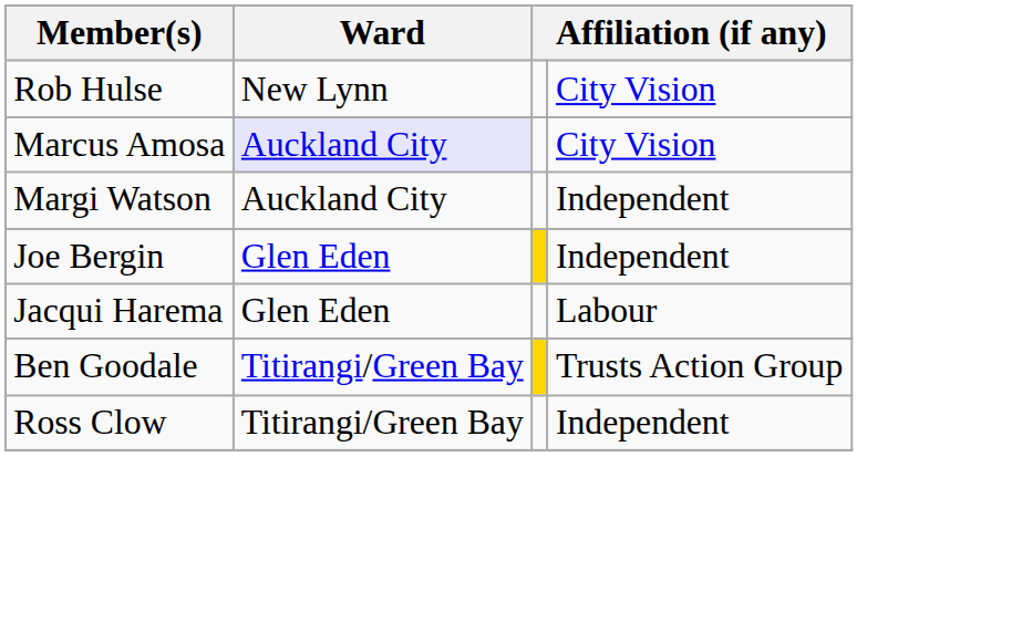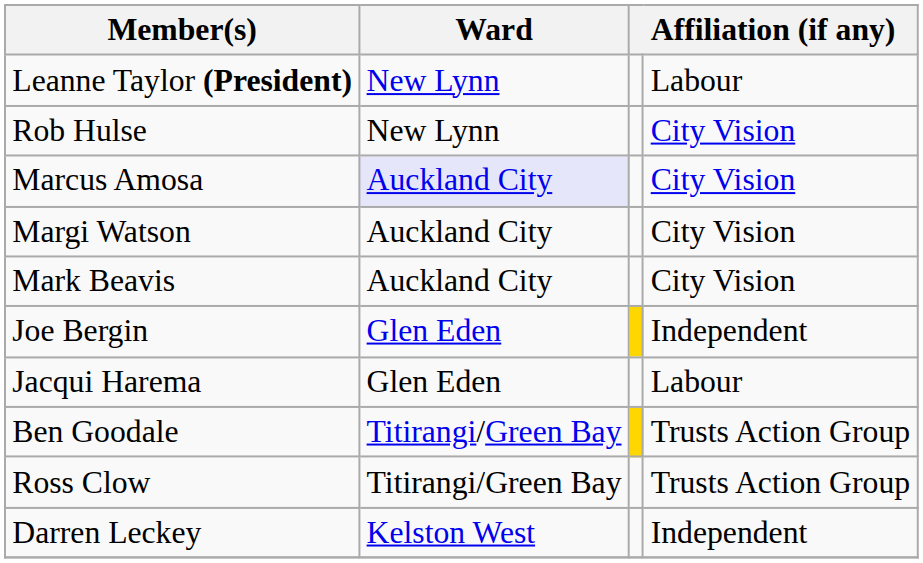 <table class="wikitable">
 <tr>
 <th>Member(s)</th>
 <th>Ward</th>
 <th colspan="2">Affiliation (if any)</th>
+</tr>
+<tr>
+<td>Leanne Taylor <strong>(President)</strong></td>
+<td><a href='#'>New Lynn</a></td>
+<td></td>
+<td>Labour</td>
 </tr>
 <tr>
 <td>Rob Hulse</td>
 <td>New Lynn</td>
 <td></td>
 <td><a href='#'>City Vision</a></td>
 </tr>
 <tr>
 <td>Marcus Amosa</td>
 <td style="background: lavender;"><a href='#'>Auckland City</a></td>
 <td></td>
 <td><a href='#'>City Vision</a></td>
 </tr>
 <tr>
 <td>Margi Watson</td>
 <td>Auckland City</td>
 <td></td>
-<td>Independent</td>
+<td>City Vision</td>
+</tr>
+<tr>
+<td>Mark Beavis</td>
+<td>Auckland City</td>
+<td></td>
+<td>City Vision</td>
 </tr>
 <tr>
 <td>Joe Bergin</td>
 <td><a href='#'>Glen Eden</a></td>
 <td bgcolor="gold"></td>
 <td>Independent</td>
 </tr>
 <tr>
 <td>Jacqui Harema</td>
 <td>Glen Eden</td>
 <td></td>
 <td>Labour</td>
 </tr>
 <tr>
 <td>Ben Goodale</td>
 <td><a href='#'>Titirangi</a>/<a href='#'>Green Bay</a></td>
 <td bgcolor="gold"></td>
 <td>Trusts Action Group</td>
 </tr>
 <tr>
 <td>Ross Clow</td>
 <td>Titirangi/Green Bay</td>
 <td></td>
+<td>Trusts Action Group</td>
+</tr>
+<tr>
+<td>Darren Leckey</td>
+<td><a href='#'>Kelston West</a></td>
+<td></td>
 <td>Independent</td>
 </tr>
 <tr>
 </tr>
 </table>
